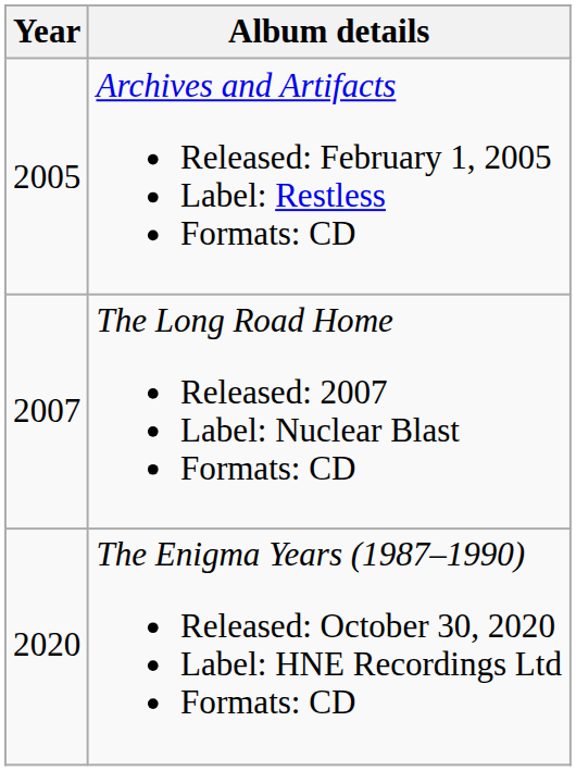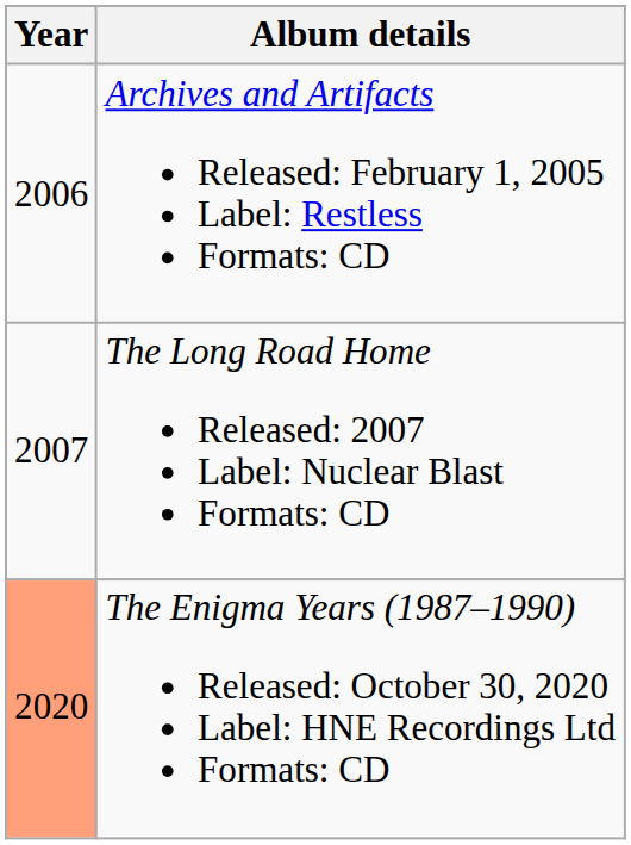 <table class="wikitable">
 <tr>
 <th>Year</th>
 <th>Album details</th>
 </tr>
 <tr>
-<td>2005</td>
+<td>2006</td>
 <td style="text-align:left;"><em><a href='#'>Archives and Artifacts</a></em><br><ul><li>Released: February 1, 2005</li><li>Label: <a href='#'>Restless</a></li><li>Formats: CD</li></ul></td>
 </tr>
 <tr>
 <td>2007</td>
 <td style="text-align:left;"><em>The Long Road Home</em><br><ul><li>Released: 2007</li><li>Label: Nuclear Blast</li><li>Formats: CD</li></ul></td>
 </tr>
 <tr>
-<td>2020</td>
+<td style="background: lightsalmon;">2020</td>
 <td style="text-align:left;"><em>The Enigma Years (1987–1990)</em><br><ul><li>Released: October 30, 2020</li><li>Label: HNE Recordings Ltd</li><li>Formats: CD</li></ul></td>
 </tr>
 </table>
